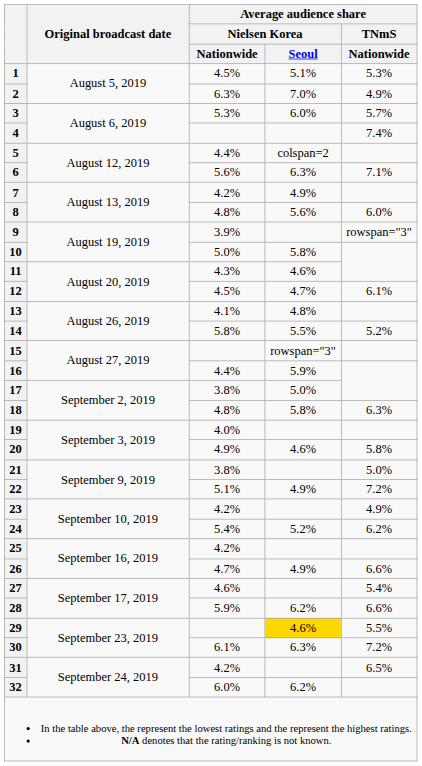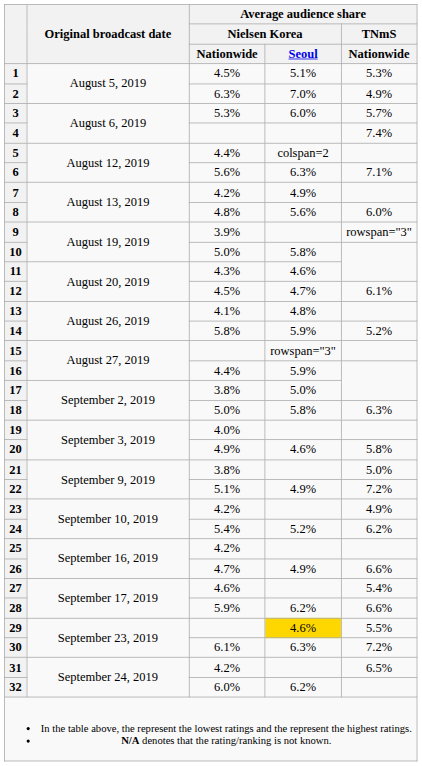 <table class="wikitable" style="text-align:center; width:530px">
 <tr>
 <th rowspan="3"></th>
 <th rowspan="3">Original broadcast date</th>
 <th colspan="3">Average audience share</th>
 </tr>
 <tr>
 <th colspan="2">Nielsen Korea</th>
 <th colspan="1">TNmS</th>
 </tr>
 <tr>
 <th width="90">Nationwide</th>
 <th width="90"><a href='#'>Seoul</a></th>
 <th width="90">Nationwide</th>
 </tr>
 <tr>
 <th>1</th>
 <td rowspan="2">August 5, 2019</td>
 <td>4.5% </td>
 <td>5.1% </td>
 <td>5.3%</td>
 </tr>
 <tr>
 <th>2</th>
 <td>6.3% </td>
 <td>7.0% </td>
 <td>4.9%</td>
 </tr>
 <tr>
 <th>3</th>
 <td rowspan="2">August 6, 2019</td>
 <td>5.3% </td>
 <td>6.0% </td>
 <td>5.7%</td>
 </tr>
 <tr>
 <th>4</th>
 <td> </td>
 <td> </td>
 <td>7.4%</td>
 </tr>
 <tr>
 <th>5</th>
 <td rowspan="2">August 12, 2019</td>
 <td>4.4% </td>
 <td>colspan=2 </td>
 </tr>
 <tr>
 <th>6</th>
 <td>5.6% </td>
 <td>6.3% </td>
 <td>7.1%</td>
 </tr>
 <tr>
 <th>7</th>
 <td rowspan="2">August 13, 2019</td>
 <td>4.2% </td>
 <td>4.9% </td>
 <td></td>
 </tr>
 <tr>
 <th>8</th>
 <td>4.8% </td>
 <td>5.6% </td>
 <td>6.0%</td>
 </tr>
 <tr>
 <th>9</th>
 <td rowspan="2">August 19, 2019</td>
 <td>3.9% </td>
 <td></td>
 <td>rowspan="3" </td>
 </tr>
 <tr>
 <th>10</th>
 <td>5.0% </td>
 <td>5.8% </td>
 </tr>
 <tr>
 <th>11</th>
 <td rowspan="2">August 20, 2019</td>
 <td>4.3% </td>
 <td>4.6% </td>
 </tr>
 <tr>
 <th>12</th>
 <td>4.5% </td>
 <td>4.7% </td>
 <td>6.1%</td>
 </tr>
 <tr>
 <th>13</th>
 <td rowspan="2">August 26, 2019</td>
 <td>4.1% </td>
 <td>4.8% </td>
 <td></td>
 </tr>
 <tr>
 <th>14</th>
 <td>5.8% </td>
-<td>5.5% </td>
+<td>5.9% </td>
 <td>5.2%</td>
 </tr>
 <tr>
 <th>15</th>
 <td rowspan="2">August 27, 2019</td>
 <td> </td>
 <td>rowspan="3" </td>
 <td></td>
 </tr>
 <tr>
 <th>16</th>
 <td>4.4% </td>
 <td>5.9%</td>
 </tr>
 <tr>
 <th>17</th>
 <td rowspan="2">September 2, 2019</td>
 <td>3.8% </td>
 <td>5.0%</td>
 </tr>
 <tr>
 <th>18</th>
-<td>4.8% </td>
+<td>5.0% </td>
 <td>5.8% </td>
 <td>6.3%</td>
 </tr>
 <tr>
 <th>19</th>
 <td rowspan="2">September 3, 2019</td>
 <td>4.0% </td>
 <td></td>
 <td></td>
 </tr>
 <tr>
 <th>20</th>
 <td>4.9% </td>
 <td>4.6% </td>
 <td>5.8%</td>
 </tr>
 <tr>
 <th>21</th>
 <td rowspan="2">September 9, 2019</td>
 <td>3.8% </td>
 <td></td>
 <td>5.0%</td>
 </tr>
 <tr>
 <th>22</th>
 <td>5.1% </td>
 <td>4.9% </td>
 <td>7.2%</td>
 </tr>
 <tr>
 <th>23</th>
 <td rowspan="2">September 10, 2019</td>
 <td>4.2% </td>
 <td></td>
 <td>4.9%</td>
 </tr>
 <tr>
 <th>24</th>
 <td>5.4% </td>
 <td>5.2% </td>
 <td>6.2%</td>
 </tr>
 <tr>
 <th>25</th>
 <td rowspan="2">September 16, 2019</td>
 <td>4.2% </td>
 <td></td>
 <td></td>
 </tr>
 <tr>
 <th>26</th>
 <td>4.7% </td>
 <td>4.9% </td>
 <td>6.6%</td>
 </tr>
 <tr>
 <th>27</th>
 <td rowspan="2">September 17, 2019</td>
 <td>4.6% </td>
 <td></td>
 <td>5.4%</td>
 </tr>
 <tr>
 <th>28</th>
 <td>5.9% </td>
 <td>6.2% </td>
 <td>6.6%</td>
 </tr>
 <tr>
 <th>29</th>
 <td rowspan="2">September 23, 2019</td>
 <td></td>
 <td style="background: gold;">4.6% </td>
 <td>5.5%</td>
 </tr>
 <tr>
 <th>30</th>
 <td>6.1% </td>
 <td>6.3% </td>
 <td>7.2%</td>
 </tr>
 <tr>
 <th>31</th>
 <td rowspan="2">September 24, 2019</td>
 <td>4.2% </td>
 <td> </td>
 <td>6.5%</td>
 </tr>
 <tr>
 <th>32</th>
 <td>6.0% </td>
 <td>6.2% </td>
 <td></td>
 </tr>
 <tr>
 <td colspan="5" style="font-size:85%"><br><ul><li>In the table above, the <strong></strong> represent the lowest ratings and the <strong></strong> represent the highest ratings.</li><li><strong>N/A</strong> denotes that the rating/ranking is not known.</li></ul></td>
 </tr>
 </table>
